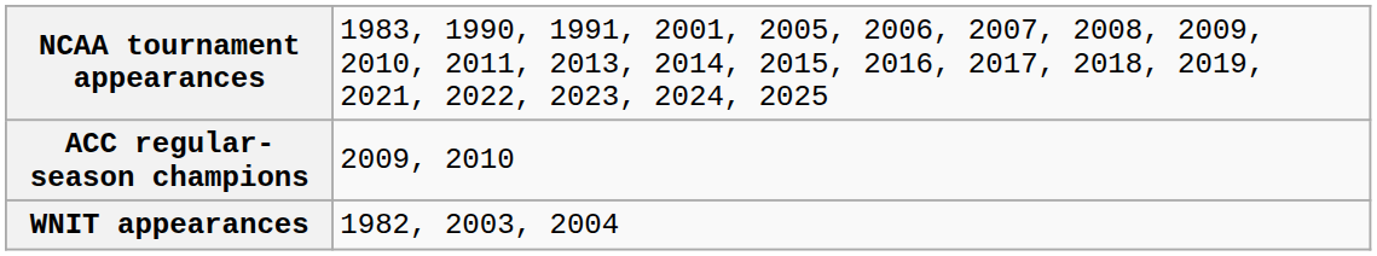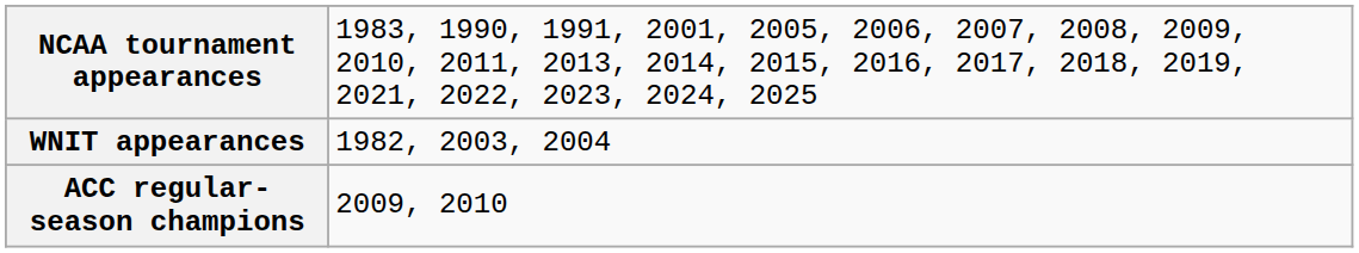 <table class="wikitable">
 <tr>
 <th>NCAA tournament appearances</th>
 <td>1983, 1990, 1991, 2001, 2005, 2006, 2007, 2008, 2009, 2010, 2011, 2013, 2014, 2015, 2016, 2017, 2018, 2019, 2021, 2022, 2023, 2024, 2025</td>
 </tr>
 <tr>
+<th>WNIT appearances</th>
+<td>1982, 2003, 2004</td>
+</tr>
+<tr>
 <th>ACC regular-season champions</th>
 <td>2009, 2010</td>
 </tr>
-<tr>
-<th>WNIT appearances</th>
-<td>1982, 2003, 2004</td>
-</tr>
 </table>
